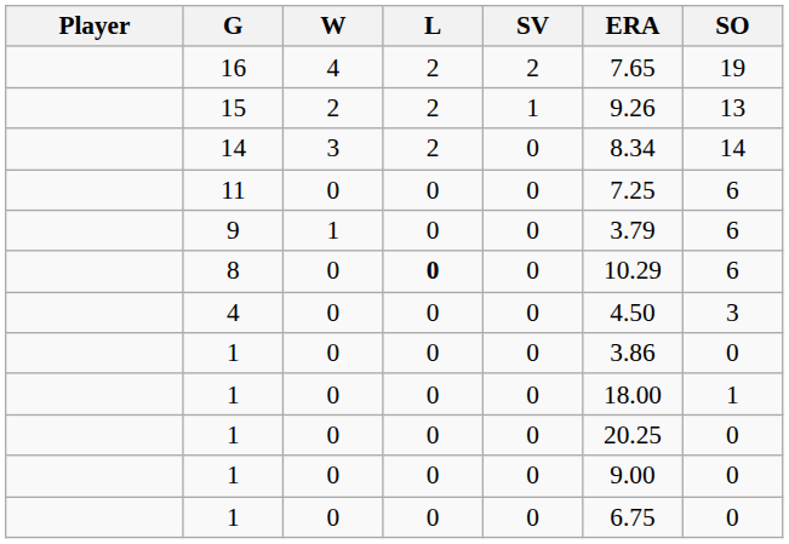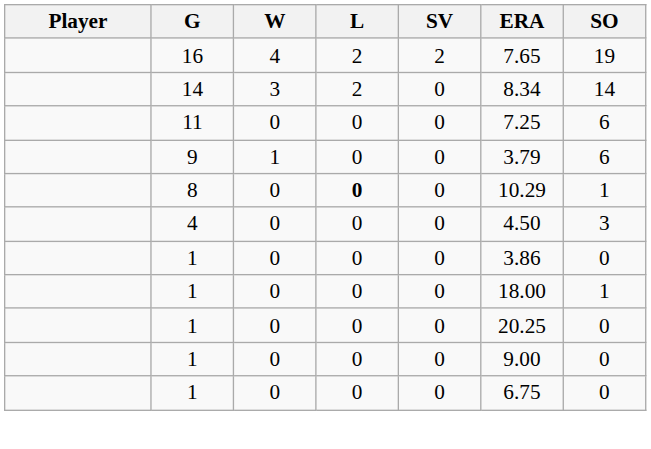 <table class="wikitable sortable">
 <tr>
 <th bgcolor="#DDDDFF" width="16%">Player</th>
 <th bgcolor="#DDDDFF" width="9%">G</th>
 <th bgcolor="#DDDDFF" width="9%">W</th>
 <th bgcolor="#DDDDFF" width="9%">L</th>
 <th bgcolor="#DDDDFF" width="9%">SV</th>
 <th bgcolor="#DDDDFF" width="9%">ERA</th>
 <th bgcolor="#DDDDFF" width="9%">SO</th>
 </tr>
 <tr align="center">
 <td></td>
 <td>16</td>
 <td>4</td>
 <td>2</td>
 <td>2</td>
 <td>7.65</td>
 <td>19</td>
-</tr>
-<tr align="center">
-<td></td>
-<td>15</td>
-<td>2</td>
-<td>2</td>
-<td>1</td>
-<td>9.26</td>
-<td>13</td>
 </tr>
 <tr align="center">
 <td></td>
 <td>14</td>
 <td>3</td>
 <td>2</td>
 <td>0</td>
 <td>8.34</td>
 <td>14</td>
 </tr>
 <tr align="center">
 <td></td>
 <td>11</td>
 <td>0</td>
 <td>0</td>
 <td>0</td>
 <td>7.25</td>
 <td>6</td>
 </tr>
 <tr align="center">
 <td></td>
 <td>9</td>
 <td>1</td>
 <td>0</td>
 <td>0</td>
 <td>3.79</td>
 <td>6</td>
 </tr>
 <tr align="center">
 <td></td>
 <td>8</td>
 <td>0</td>
 <td><strong>0</strong></td>
 <td>0</td>
 <td>10.29</td>
-<td>6</td>
+<td>1</td>
 </tr>
 <tr align="center">
 <td></td>
 <td>4</td>
 <td>0</td>
 <td>0</td>
 <td>0</td>
 <td>4.50</td>
 <td>3</td>
 </tr>
 <tr align="center">
 <td></td>
 <td>1</td>
 <td>0</td>
 <td>0</td>
 <td>0</td>
 <td>3.86</td>
 <td>0</td>
 </tr>
 <tr align="center">
 <td></td>
 <td>1</td>
 <td>0</td>
 <td>0</td>
 <td>0</td>
 <td>18.00</td>
 <td>1</td>
 </tr>
 <tr align="center">
 <td></td>
 <td>1</td>
 <td>0</td>
 <td>0</td>
 <td>0</td>
 <td>20.25</td>
 <td>0</td>
 </tr>
 <tr align="center">
 <td></td>
 <td>1</td>
 <td>0</td>
 <td>0</td>
 <td>0</td>
 <td>9.00</td>
 <td>0</td>
 </tr>
 <tr align="center">
 <td></td>
 <td>1</td>
 <td>0</td>
 <td>0</td>
 <td>0</td>
 <td>6.75</td>
 <td>0</td>
 </tr>
 </table>
